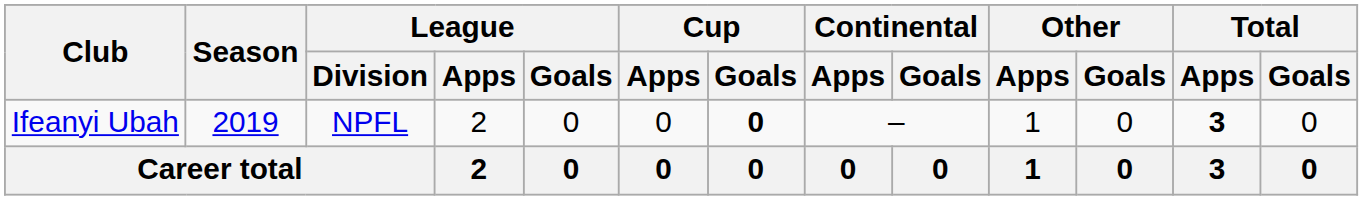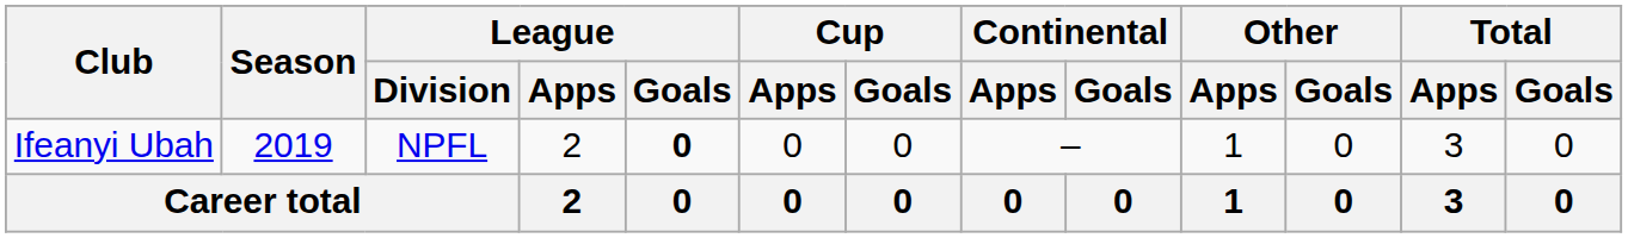 <table class="wikitable" style="text-align: center">
 <tr>
 <th rowspan="2">Club</th>
 <th rowspan="2">Season</th>
 <th colspan="3">League</th>
 <th colspan="2">Cup</th>
 <th colspan="2">Continental</th>
 <th colspan="2">Other</th>
 <th colspan="2">Total</th>
 </tr>
 <tr>
 <th>Division</th>
 <th>Apps</th>
 <th>Goals</th>
 <th>Apps</th>
 <th>Goals</th>
 <th>Apps</th>
 <th>Goals</th>
 <th>Apps</th>
 <th>Goals</th>
 <th>Apps</th>
 <th>Goals</th>
 </tr>
 <tr>
 <td><a href='#'>Ifeanyi Ubah</a></td>
 <td><a href='#'>2019</a></td>
 <td><a href='#'>NPFL</a></td>
 <td>2</td>
+<td><strong>0</strong></td>
 <td>0</td>
 <td>0</td>
-<td><strong>0</strong></td>
 <td colspan="2">–</td>
 <td>1</td>
 <td>0</td>
-<td><strong>3</strong></td>
+<td>3</td>
 <td>0</td>
 </tr>
 <tr>
 <th colspan="3"><strong>Career total</strong></th>
 <th>2</th>
 <th>0</th>
 <th>0</th>
 <th>0</th>
 <th>0</th>
 <th>0</th>
 <th>1</th>
 <th>0</th>
 <th>3</th>
 <th>0</th>
 </tr>
 </table>
